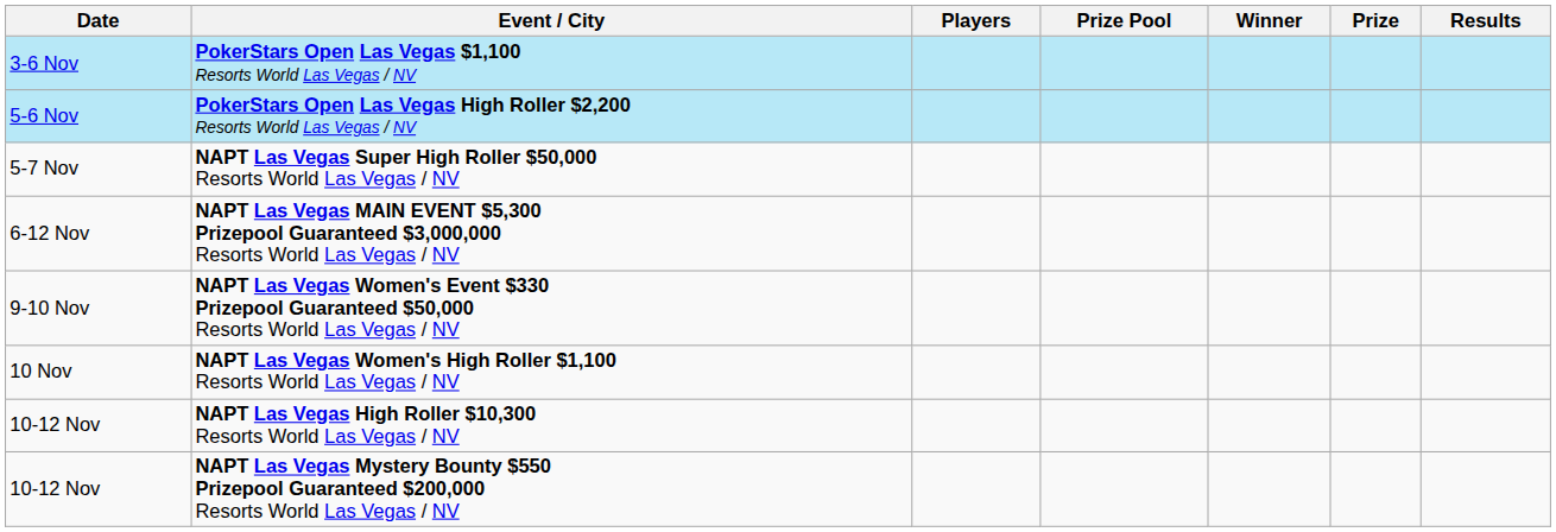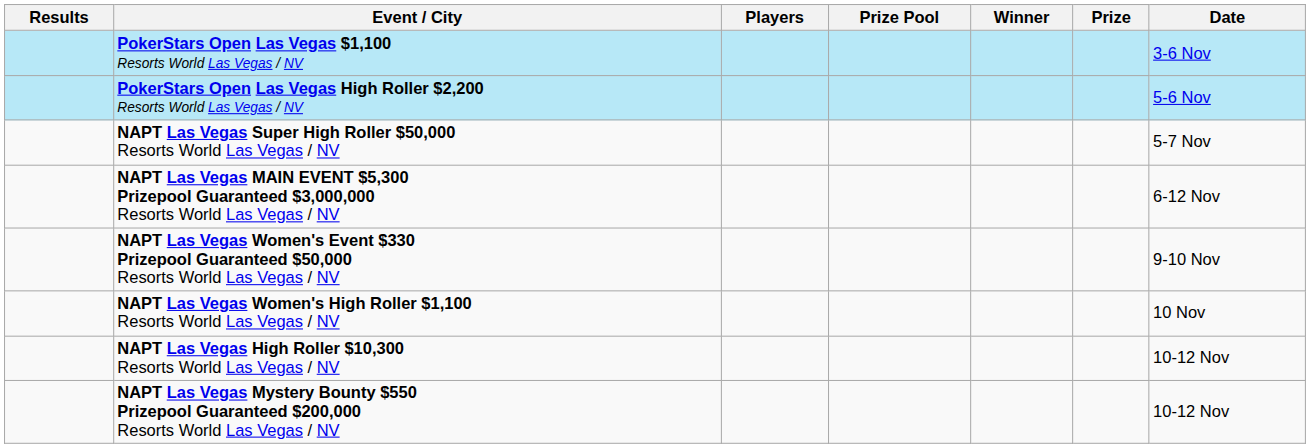 <table class="wikitable" width="100%">
 <tr>
-<th width="12%">Date</th>
+<th !width="11%">Results</th>
 <th !width="20%">Event / City</th>
 <th !width="11%">Players</th>
 <th !width="12%">Prize Pool</th>
 <th !width="20%">Winner</th>
 <th !width="12%">Prize</th>
-<th !width="11%">Results</th>
+<th width="12%">Date</th>
 </tr>
 <tr>
-<td style="background-color:#b7e8f7"><a href='#'>3-6 Nov</a></td>
+<td style="background-color:#b7e8f7"></td>
 <td style="background-color:#b7e8f7"> <strong><a href='#'>PokerStars Open</a> <a href='#'>Las Vegas</a> $1,100</strong><br><small><em>Resorts World <a href='#'>Las Vegas</a> / <a href='#'>NV</a></em></small></td>
 <td style="background-color:#b7e8f7"></td>
 <td style="background-color:#b7e8f7"></td>
 <td style="background-color:#b7e8f7"></td>
 <td style="background-color:#b7e8f7"></td>
-<td style="background-color:#b7e8f7"></td>
+<td style="background-color:#b7e8f7"><a href='#'>3-6 Nov</a></td>
 </tr>
 <tr>
-<td style="background-color:#b7e8f7"><a href='#'>5-6 Nov</a></td>
+<td style="background-color:#b7e8f7"></td>
 <td style="background-color:#b7e8f7"> <strong><a href='#'>PokerStars Open</a> <a href='#'>Las Vegas</a> High Roller $2,200</strong><br><small><em>Resorts World <a href='#'>Las Vegas</a> / <a href='#'>NV</a></em></small></td>
 <td style="background-color:#b7e8f7"></td>
 <td style="background-color:#b7e8f7"></td>
 <td style="background-color:#b7e8f7"></td>
 <td style="background-color:#b7e8f7"></td>
-<td style="background-color:#b7e8f7"></td>
+<td style="background-color:#b7e8f7"><a href='#'>5-6 Nov</a></td>
 </tr>
 <tr>
-<td>5-7 Nov</td>
+<td></td>
 <td> <strong>NAPT <a href='#'>Las Vegas</a> Super High Roller $50,000</strong><br>Resorts World <a href='#'>Las Vegas</a> / <a href='#'>NV</a></td>
 <td></td>
 <td></td>
 <td></td>
 <td></td>
-<td></td>
+<td>5-7 Nov</td>
 </tr>
 <tr>
-<td>6-12 Nov</td>
+<td></td>
 <td> <strong>NAPT <a href='#'>Las Vegas</a> MAIN EVENT $5,300<br>Prizepool Guaranteed $3,000,000</strong><br>Resorts World <a href='#'>Las Vegas</a> / <a href='#'>NV</a></td>
 <td></td>
 <td></td>
 <td></td>
 <td></td>
-<td></td>
+<td>6-12 Nov</td>
 </tr>
 <tr>
-<td>9-10 Nov</td>
+<td></td>
 <td> <strong>NAPT <a href='#'>Las Vegas</a> Women's Event $330<br>Prizepool Guaranteed $50,000</strong><br>Resorts World <a href='#'>Las Vegas</a> / <a href='#'>NV</a></td>
 <td></td>
 <td></td>
 <td></td>
 <td></td>
-<td></td>
+<td>9-10 Nov</td>
 </tr>
 <tr>
-<td>10 Nov</td>
+<td></td>
 <td> <strong>NAPT <a href='#'>Las Vegas</a> Women's High Roller $1,100</strong><br>Resorts World <a href='#'>Las Vegas</a> / <a href='#'>NV</a></td>
 <td></td>
 <td></td>
 <td></td>
 <td></td>
-<td></td>
+<td>10 Nov</td>
 </tr>
 <tr>
-<td>10-12 Nov</td>
+<td></td>
 <td> <strong>NAPT <a href='#'>Las Vegas</a> High Roller $10,300</strong><br>Resorts World <a href='#'>Las Vegas</a> / <a href='#'>NV</a></td>
 <td></td>
 <td></td>
 <td></td>
 <td></td>
-<td></td>
+<td>10-12 Nov</td>
 </tr>
 <tr>
-<td>10-12 Nov</td>
+<td></td>
 <td> <strong>NAPT <a href='#'>Las Vegas</a> Mystery Bounty $550<br>Prizepool Guaranteed $200,000</strong><br>Resorts World <a href='#'>Las Vegas</a> / <a href='#'>NV</a></td>
 <td></td>
 <td></td>
 <td></td>
 <td></td>
-<td></td>
+<td>10-12 Nov</td>
 </tr>
 </table>
